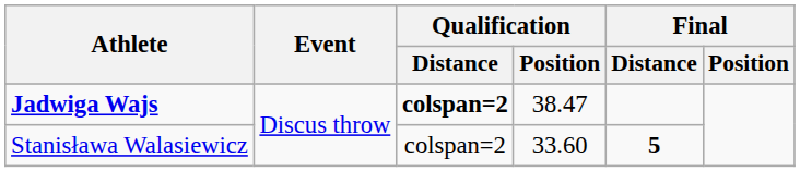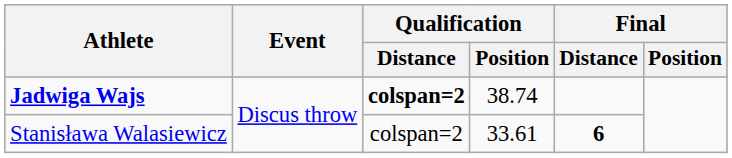 <table class=wikitable style="font-size:90%">
 <tr>
 <th rowspan="2">Athlete</th>
 <th rowspan="2">Event</th>
 <th colspan="2">Qualification</th>
 <th colspan="2">Final</th>
 </tr>
 <tr style="font-size:95%">
 <th>Distance</th>
 <th>Position</th>
 <th>Distance</th>
 <th>Position</th>
 </tr>
 <tr align=center>
 <td align=left><strong><a href='#'>Jadwiga Wajs</a></strong></td>
 <td align=left rowspan=2><a href='#'>Discus throw</a></td>
 <td><strong>colspan=2 </strong></td>
-<td>38.47</td>
+<td>38.74</td>
 <td></td>
 </tr>
 <tr align=center>
 <td align=left><a href='#'>Stanisława Walasiewicz</a></td>
 <td>colspan=2 </td>
-<td>33.60</td>
-<td><strong>5</strong></td>
+<td>33.61</td>
+<td><strong>6</strong></td>
 </tr>
 </table>
